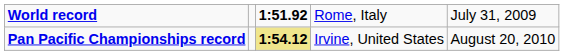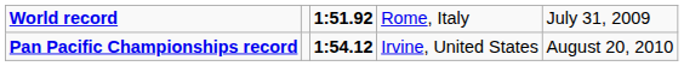 <table class="wikitable">
 <tr>
 <td><strong><a href='#'>World record</a></strong></td>
 <td></td>
 <td><strong>1:51.92</strong></td>
 <td><a href='#'>Rome</a>, Italy</td>
 <td>July 31, 2009</td>
 </tr>
 <tr>
 <td><strong><a href='#'>Pan Pacific Championships record</a></strong></td>
 <td></td>
-<td style="background: khaki;"><strong>1:54.12</strong></td>
+<td><strong>1:54.12</strong></td>
 <td><a href='#'>Irvine</a>, United States</td>
 <td>August 20, 2010</td>
 </tr>
 </table>
